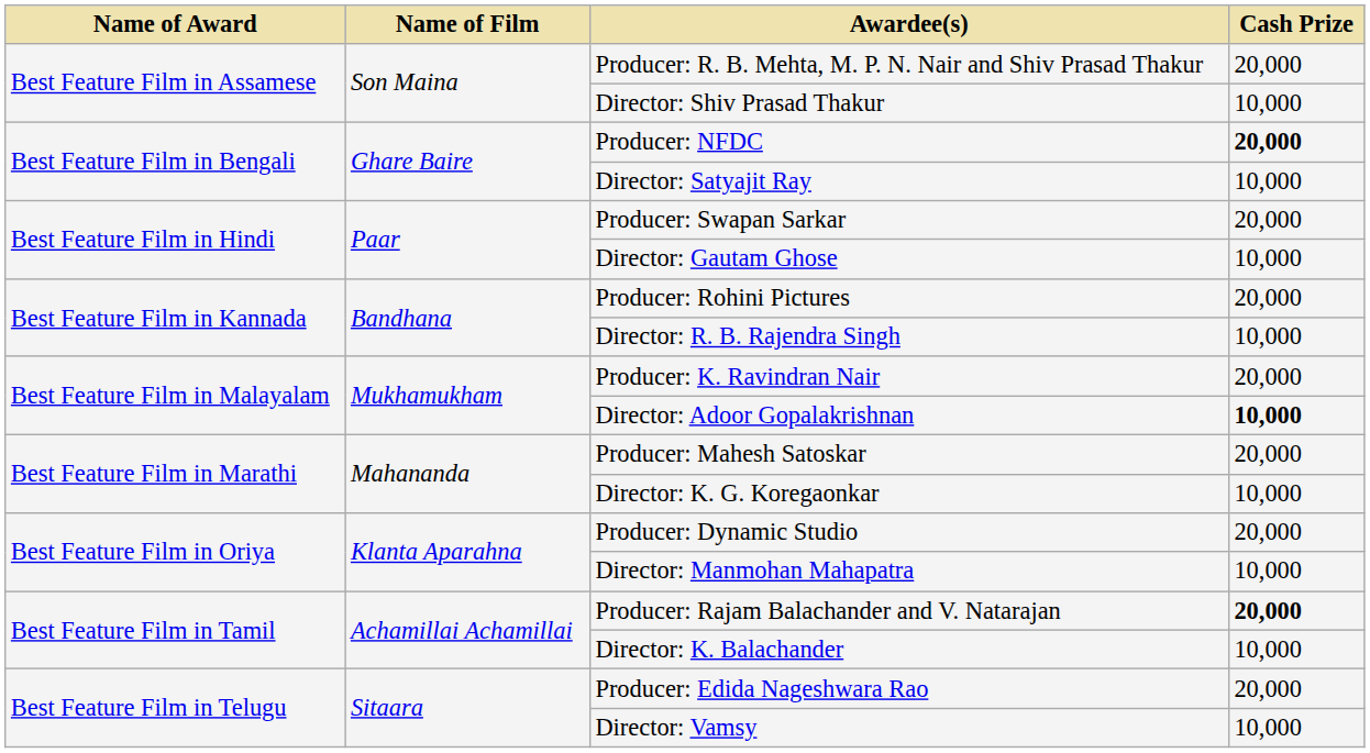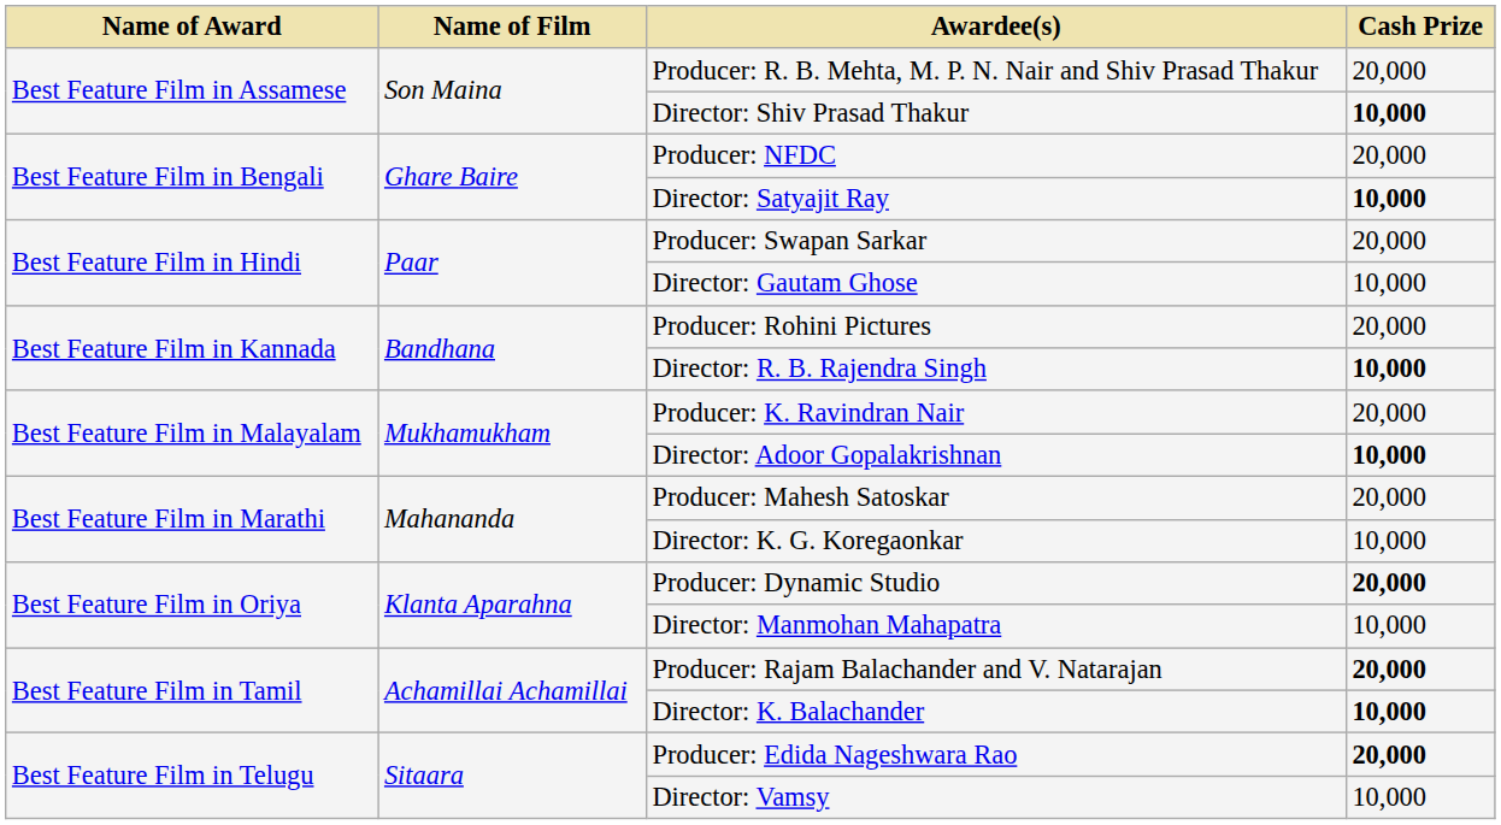 <table class="wikitable sortable" style="width:100%;">
 <tr>
 <th style="background-color:#EFE4B0;width:25%;">Name of Award</th>
 <th style="background-color:#EFE4B0;width:18%;">Name of Film</th>
 <th style="background-color:#EFE4B0;width:47%;">Awardee(s)</th>
 <th style="background-color:#EFE4B0;width:10%;">Cash Prize</th>
 </tr>
 <tr style="background-color:#F4F4F4">
 <td rowspan="2"><a href='#'>Best Feature Film in Assamese</a></td>
 <td rowspan="2"><em>Son Maina</em></td>
 <td>Producer: R. B. Mehta, M. P. N. Nair and Shiv Prasad Thakur</td>
 <td> 20,000</td>
 </tr>
 <tr style="background-color:#F4F4F4">
 <td>Director: Shiv Prasad Thakur</td>
-<td> 10,000</td>
+<td><strong> 10,000</strong></td>
 </tr>
 <tr style="background-color:#F4F4F4">
 <td rowspan="2"><a href='#'>Best Feature Film in Bengali</a></td>
 <td rowspan="2"><em><a href='#'>Ghare Baire</a></em></td>
 <td>Producer: <a href='#'>NFDC</a></td>
-<td><strong> 20,000</strong></td>
+<td> 20,000</td>
 </tr>
 <tr style="background-color:#F4F4F4">
 <td>Director: <a href='#'>Satyajit Ray</a></td>
-<td> 10,000</td>
+<td><strong> 10,000</strong></td>
 </tr>
 <tr style="background-color:#F4F4F4">
 <td rowspan="2"><a href='#'>Best Feature Film in Hindi</a></td>
 <td rowspan="2"><em><a href='#'>Paar</a></em></td>
 <td>Producer: Swapan Sarkar</td>
 <td> 20,000</td>
 </tr>
 <tr style="background-color:#F4F4F4">
 <td>Director: <a href='#'>Gautam Ghose</a></td>
 <td> 10,000</td>
 </tr>
 <tr style="background-color:#F4F4F4">
 <td rowspan="2"><a href='#'>Best Feature Film in Kannada</a></td>
 <td rowspan="2"><em><a href='#'>Bandhana</a></em></td>
 <td>Producer: Rohini Pictures</td>
 <td> 20,000</td>
 </tr>
 <tr style="background-color:#F4F4F4">
 <td>Director: <a href='#'>R. B. Rajendra Singh</a></td>
-<td> 10,000</td>
+<td><strong> 10,000</strong></td>
 </tr>
 <tr style="background-color:#F4F4F4">
 <td rowspan="2"><a href='#'>Best Feature Film in Malayalam</a></td>
 <td rowspan="2"><em><a href='#'>Mukhamukham</a></em></td>
 <td>Producer: <a href='#'>K. Ravindran Nair</a></td>
 <td> 20,000</td>
 </tr>
 <tr style="background-color:#F4F4F4">
 <td>Director: <a href='#'>Adoor Gopalakrishnan</a></td>
 <td><strong> 10,000</strong></td>
 </tr>
 <tr style="background-color:#F4F4F4">
 <td rowspan="2"><a href='#'>Best Feature Film in Marathi</a></td>
 <td rowspan="2"><em>Mahananda</em></td>
 <td>Producer: Mahesh Satoskar</td>
 <td> 20,000</td>
 </tr>
 <tr style="background-color:#F4F4F4">
 <td>Director: K. G. Koregaonkar</td>
 <td> 10,000</td>
 </tr>
 <tr style="background-color:#F4F4F4">
 <td rowspan="2"><a href='#'>Best Feature Film in Oriya</a></td>
 <td rowspan="2"><em><a href='#'>Klanta Aparahna</a></em></td>
 <td>Producer: Dynamic Studio</td>
-<td> 20,000</td>
+<td><strong> 20,000</strong></td>
 </tr>
 <tr style="background-color:#F4F4F4">
 <td>Director: <a href='#'>Manmohan Mahapatra</a></td>
 <td> 10,000</td>
 </tr>
 <tr style="background-color:#F4F4F4">
 <td rowspan="2"><a href='#'>Best Feature Film in Tamil</a></td>
 <td rowspan="2"><em><a href='#'>Achamillai Achamillai</a></em></td>
 <td>Producer: Rajam Balachander and V. Natarajan</td>
 <td><strong> 20,000</strong></td>
 </tr>
 <tr style="background-color:#F4F4F4">
 <td>Director: <a href='#'>K. Balachander</a></td>
-<td> 10,000</td>
+<td><strong> 10,000</strong></td>
 </tr>
 <tr style="background-color:#F4F4F4">
 <td rowspan="2"><a href='#'>Best Feature Film in Telugu</a></td>
 <td rowspan="2"><em><a href='#'>Sitaara</a></em></td>
 <td>Producer: <a href='#'>Edida Nageshwara Rao</a></td>
-<td> 20,000</td>
+<td><strong> 20,000</strong></td>
 </tr>
 <tr style="background-color:#F4F4F4">
 <td>Director: <a href='#'>Vamsy</a></td>
 <td> 10,000</td>
 </tr>
 </table>
